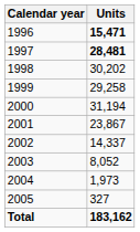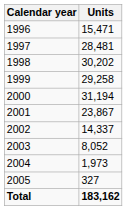 <table class="wikitable">
 <tr>
 <th>Calendar year</th>
 <th>Units</th>
 </tr>
 <tr>
 <td>1996</td>
-<td><strong>15,471</strong></td>
+<td>15,471</td>
 </tr>
 <tr>
 <td>1997</td>
-<td><strong>28,481</strong></td>
+<td>28,481</td>
 </tr>
 <tr>
 <td>1998</td>
 <td>30,202</td>
 </tr>
 <tr>
 <td>1999</td>
 <td>29,258</td>
 </tr>
 <tr>
 <td>2000</td>
 <td>31,194</td>
 </tr>
 <tr>
 <td>2001</td>
 <td>23,867</td>
 </tr>
 <tr>
 <td>2002</td>
 <td>14,337</td>
 </tr>
 <tr>
 <td>2003</td>
 <td>8,052</td>
 </tr>
 <tr>
 <td>2004</td>
 <td>1,973</td>
 </tr>
 <tr>
 <td>2005</td>
 <td>327</td>
 </tr>
 <tr>
 <td><strong>Total</strong></td>
 <td><strong>183,162</strong></td>
 </tr>
 </table>
